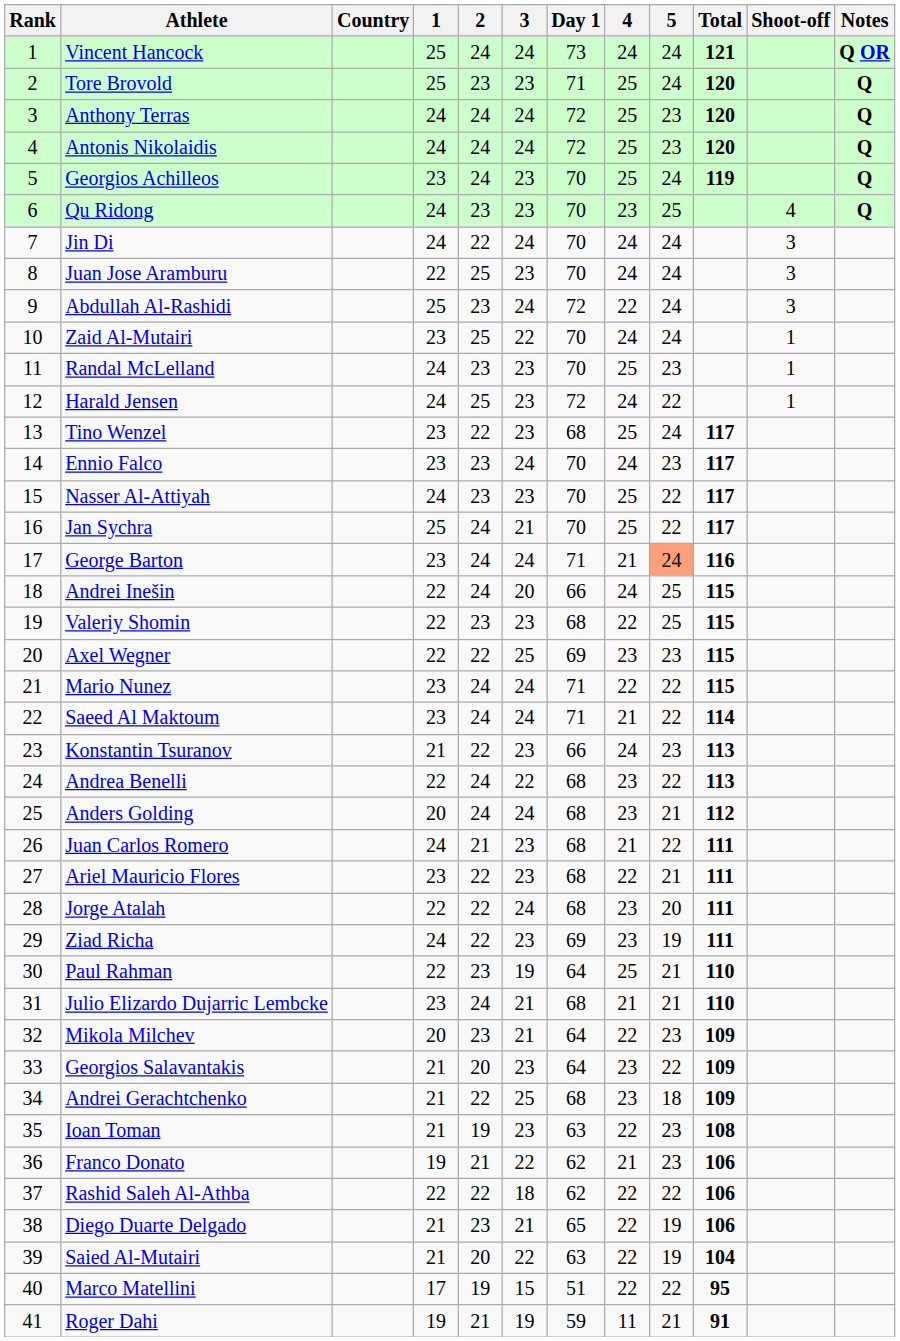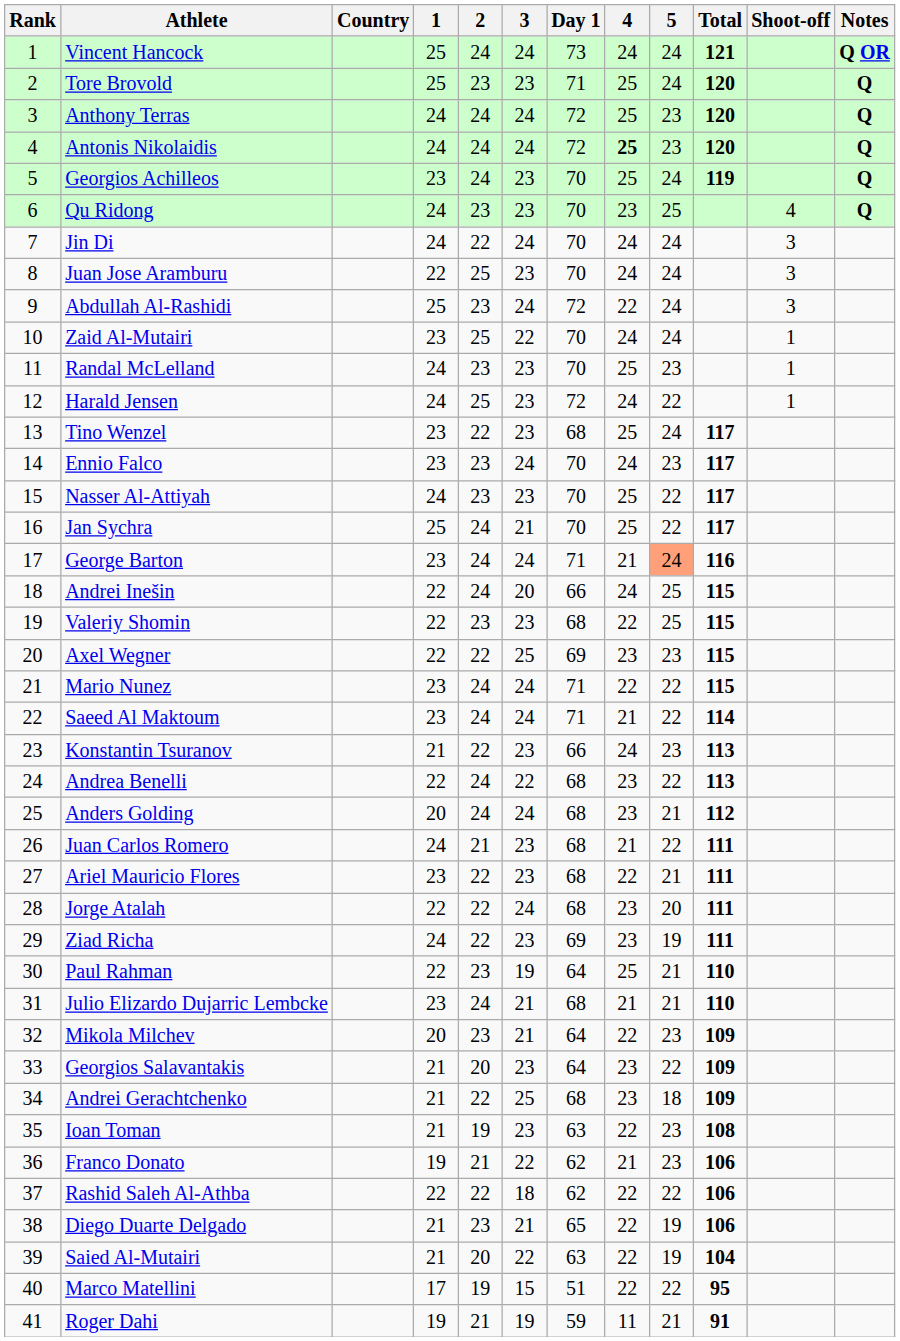 <table class="wikitable sortable" style="text-align:center">
 <tr>
 <th>Rank</th>
 <th>Athlete</th>
 <th>Country</th>
 <th class="unsortable" style="width: 28px">1</th>
 <th class="unsortable" style="width: 28px">2</th>
 <th class="unsortable" style="width: 28px">3</th>
 <th>Day 1</th>
 <th class="unsortable" style="width: 28px">4</th>
 <th class="unsortable" style="width: 28px">5</th>
 <th>Total</th>
 <th class="unsortable">Shoot-off</th>
 <th class="unsortable">Notes</th>
 </tr>
 <tr bgcolor=#ccffcc>
 <td>1</td>
 <td align="left"><a href='#'>Vincent Hancock</a></td>
 <td align="left"></td>
 <td>25</td>
 <td>24</td>
 <td>24</td>
 <td>73</td>
 <td>24</td>
 <td>24</td>
 <td><strong>121</strong></td>
 <td></td>
 <td><strong>Q</strong> <strong><a href='#'>OR</a></strong></td>
 </tr>
 <tr bgcolor=#ccffcc>
 <td>2</td>
 <td align="left"><a href='#'>Tore Brovold</a></td>
 <td align="left"></td>
 <td>25</td>
 <td>23</td>
 <td>23</td>
 <td>71</td>
 <td>25</td>
 <td>24</td>
 <td><strong>120</strong></td>
 <td></td>
 <td><strong>Q</strong></td>
 </tr>
 <tr bgcolor=#ccffcc>
 <td>3</td>
 <td align="left"><a href='#'>Anthony Terras</a></td>
 <td align="left"></td>
 <td>24</td>
 <td>24</td>
 <td>24</td>
 <td>72</td>
 <td>25</td>
 <td>23</td>
 <td><strong>120</strong></td>
 <td></td>
 <td><strong>Q</strong></td>
 </tr>
 <tr bgcolor=#ccffcc>
 <td>4</td>
 <td align="left"><a href='#'>Antonis Nikolaidis</a></td>
 <td align="left"></td>
 <td>24</td>
 <td>24</td>
 <td>24</td>
 <td>72</td>
-<td>25</td>
+<td><strong>25</strong></td>
 <td>23</td>
 <td><strong>120</strong></td>
 <td></td>
 <td><strong>Q</strong></td>
 </tr>
 <tr bgcolor=#ccffcc>
 <td>5</td>
 <td align="left"><a href='#'>Georgios Achilleos</a></td>
 <td align="left"></td>
 <td>23</td>
 <td>24</td>
 <td>23</td>
 <td>70</td>
 <td>25</td>
 <td>24</td>
 <td><strong>119</strong></td>
 <td></td>
 <td><strong>Q</strong></td>
 </tr>
 <tr bgcolor=#ccffcc>
 <td>6</td>
 <td align="left"><a href='#'>Qu Ridong</a></td>
 <td align="left"></td>
 <td>24</td>
 <td>23</td>
 <td>23</td>
 <td>70</td>
 <td>23</td>
 <td>25</td>
 <td></td>
 <td>4</td>
 <td><strong>Q</strong></td>
 </tr>
 <tr>
 <td>7</td>
 <td align="left"><a href='#'>Jin Di</a></td>
 <td align="left"></td>
 <td>24</td>
 <td>22</td>
 <td>24</td>
 <td>70</td>
 <td>24</td>
 <td>24</td>
 <td></td>
 <td>3</td>
 <td></td>
 </tr>
 <tr>
 <td>8</td>
 <td align="left"><a href='#'>Juan Jose Aramburu</a></td>
 <td align="left"></td>
 <td>22</td>
 <td>25</td>
 <td>23</td>
 <td>70</td>
 <td>24</td>
 <td>24</td>
 <td></td>
 <td>3</td>
 <td></td>
 </tr>
 <tr>
 <td>9</td>
 <td align="left"><a href='#'>Abdullah Al-Rashidi</a></td>
 <td align="left"></td>
 <td>25</td>
 <td>23</td>
 <td>24</td>
 <td>72</td>
 <td>22</td>
 <td>24</td>
 <td></td>
 <td>3</td>
 <td></td>
 </tr>
 <tr>
 <td>10</td>
 <td align="left"><a href='#'>Zaid Al-Mutairi</a></td>
 <td align="left"></td>
 <td>23</td>
 <td>25</td>
 <td>22</td>
 <td>70</td>
 <td>24</td>
 <td>24</td>
 <td></td>
 <td>1</td>
 <td></td>
 </tr>
 <tr>
 <td>11</td>
 <td align="left"><a href='#'>Randal McLelland</a></td>
 <td align="left"></td>
 <td>24</td>
 <td>23</td>
 <td>23</td>
 <td>70</td>
 <td>25</td>
 <td>23</td>
 <td></td>
 <td>1</td>
 <td></td>
 </tr>
 <tr>
 <td>12</td>
 <td align="left"><a href='#'>Harald Jensen</a></td>
 <td align="left"></td>
 <td>24</td>
 <td>25</td>
 <td>23</td>
 <td>72</td>
 <td>24</td>
 <td>22</td>
 <td></td>
 <td>1</td>
 <td></td>
 </tr>
 <tr>
 <td>13</td>
 <td align="left"><a href='#'>Tino Wenzel</a></td>
 <td align="left"></td>
 <td>23</td>
 <td>22</td>
 <td>23</td>
 <td>68</td>
 <td>25</td>
 <td>24</td>
 <td><strong>117</strong></td>
 <td></td>
 <td></td>
 </tr>
 <tr>
 <td>14</td>
 <td align="left"><a href='#'>Ennio Falco</a></td>
 <td align="left"></td>
 <td>23</td>
 <td>23</td>
 <td>24</td>
 <td>70</td>
 <td>24</td>
 <td>23</td>
 <td><strong>117</strong></td>
 <td></td>
 <td></td>
 </tr>
 <tr>
 <td>15</td>
 <td align="left"><a href='#'>Nasser Al-Attiyah</a></td>
 <td align="left"></td>
 <td>24</td>
 <td>23</td>
 <td>23</td>
 <td>70</td>
 <td>25</td>
 <td>22</td>
 <td><strong>117</strong></td>
 <td></td>
 <td></td>
 </tr>
 <tr>
 <td>16</td>
 <td align="left"><a href='#'>Jan Sychra</a></td>
 <td align="left"></td>
 <td>25</td>
 <td>24</td>
 <td>21</td>
 <td>70</td>
 <td>25</td>
 <td>22</td>
 <td><strong>117</strong></td>
 <td></td>
 <td></td>
 </tr>
 <tr>
 <td>17</td>
 <td align="left"><a href='#'>George Barton</a></td>
 <td align="left"></td>
 <td>23</td>
 <td>24</td>
 <td>24</td>
 <td>71</td>
 <td>21</td>
 <td style="background: lightsalmon;">24</td>
 <td><strong>116</strong></td>
 <td></td>
 <td></td>
 </tr>
 <tr>
 <td>18</td>
 <td align="left"><a href='#'>Andrei Inešin</a></td>
 <td align="left"></td>
 <td>22</td>
 <td>24</td>
 <td>20</td>
 <td>66</td>
 <td>24</td>
 <td>25</td>
 <td><strong>115</strong></td>
 <td></td>
 <td></td>
 </tr>
 <tr>
 <td>19</td>
 <td align="left"><a href='#'>Valeriy Shomin</a></td>
 <td align="left"></td>
 <td>22</td>
 <td>23</td>
 <td>23</td>
 <td>68</td>
 <td>22</td>
 <td>25</td>
 <td><strong>115</strong></td>
 <td></td>
 <td></td>
 </tr>
 <tr>
 <td>20</td>
 <td align="left"><a href='#'>Axel Wegner</a></td>
 <td align="left"></td>
 <td>22</td>
 <td>22</td>
 <td>25</td>
 <td>69</td>
 <td>23</td>
 <td>23</td>
 <td><strong>115</strong></td>
 <td></td>
 <td></td>
 </tr>
 <tr>
 <td>21</td>
 <td align="left"><a href='#'>Mario Nunez</a></td>
 <td align="left"></td>
 <td>23</td>
 <td>24</td>
 <td>24</td>
 <td>71</td>
 <td>22</td>
 <td>22</td>
 <td><strong>115</strong></td>
 <td></td>
 <td></td>
 </tr>
 <tr>
 <td>22</td>
 <td align="left"><a href='#'>Saeed Al Maktoum</a></td>
 <td align="left"></td>
 <td>23</td>
 <td>24</td>
 <td>24</td>
 <td>71</td>
 <td>21</td>
 <td>22</td>
 <td><strong>114</strong></td>
 <td></td>
 <td></td>
 </tr>
 <tr>
 <td>23</td>
 <td align="left"><a href='#'>Konstantin Tsuranov</a></td>
 <td align="left"></td>
 <td>21</td>
 <td>22</td>
 <td>23</td>
 <td>66</td>
 <td>24</td>
 <td>23</td>
 <td><strong>113</strong></td>
 <td></td>
 <td></td>
 </tr>
 <tr>
 <td>24</td>
 <td align="left"><a href='#'>Andrea Benelli</a></td>
 <td align="left"></td>
 <td>22</td>
 <td>24</td>
 <td>22</td>
 <td>68</td>
 <td>23</td>
 <td>22</td>
 <td><strong>113</strong></td>
 <td></td>
 <td></td>
 </tr>
 <tr>
 <td>25</td>
 <td align="left"><a href='#'>Anders Golding</a></td>
 <td align="left"></td>
 <td>20</td>
 <td>24</td>
 <td>24</td>
 <td>68</td>
 <td>23</td>
 <td>21</td>
 <td><strong>112</strong></td>
 <td></td>
 <td></td>
 </tr>
 <tr>
 <td>26</td>
 <td align="left"><a href='#'>Juan Carlos Romero</a></td>
 <td align="left"></td>
 <td>24</td>
 <td>21</td>
 <td>23</td>
 <td>68</td>
 <td>21</td>
 <td>22</td>
 <td><strong>111</strong></td>
 <td></td>
 <td></td>
 </tr>
 <tr>
 <td>27</td>
 <td align="left"><a href='#'>Ariel Mauricio Flores</a></td>
 <td align="left"></td>
 <td>23</td>
 <td>22</td>
 <td>23</td>
 <td>68</td>
 <td>22</td>
 <td>21</td>
 <td><strong>111</strong></td>
 <td></td>
 <td></td>
 </tr>
 <tr>
 <td>28</td>
 <td align="left"><a href='#'>Jorge Atalah</a></td>
 <td align="left"></td>
 <td>22</td>
 <td>22</td>
 <td>24</td>
 <td>68</td>
 <td>23</td>
 <td>20</td>
 <td><strong>111</strong></td>
 <td></td>
 <td></td>
 </tr>
 <tr>
 <td>29</td>
 <td align="left"><a href='#'>Ziad Richa</a></td>
 <td align="left"></td>
 <td>24</td>
 <td>22</td>
 <td>23</td>
 <td>69</td>
 <td>23</td>
 <td>19</td>
 <td><strong>111</strong></td>
 <td></td>
 <td></td>
 </tr>
 <tr>
 <td>30</td>
 <td align="left"><a href='#'>Paul Rahman</a></td>
 <td align="left"></td>
 <td>22</td>
 <td>23</td>
 <td>19</td>
 <td>64</td>
 <td>25</td>
 <td>21</td>
 <td><strong>110</strong></td>
 <td></td>
 <td></td>
 </tr>
 <tr>
 <td>31</td>
 <td align="left"><a href='#'>Julio Elizardo Dujarric Lembcke</a></td>
 <td align="left"></td>
 <td>23</td>
 <td>24</td>
 <td>21</td>
 <td>68</td>
 <td>21</td>
 <td>21</td>
 <td><strong>110</strong></td>
 <td></td>
 <td></td>
 </tr>
 <tr>
 <td>32</td>
 <td align="left"><a href='#'>Mikola Milchev</a></td>
 <td align="left"></td>
 <td>20</td>
 <td>23</td>
 <td>21</td>
 <td>64</td>
 <td>22</td>
 <td>23</td>
 <td><strong>109</strong></td>
 <td></td>
 <td></td>
 </tr>
 <tr>
 <td>33</td>
 <td align="left"><a href='#'>Georgios Salavantakis</a></td>
 <td align="left"></td>
 <td>21</td>
 <td>20</td>
 <td>23</td>
 <td>64</td>
 <td>23</td>
 <td>22</td>
 <td><strong>109</strong></td>
 <td></td>
 <td></td>
 </tr>
 <tr>
 <td>34</td>
 <td align="left"><a href='#'>Andrei Gerachtchenko</a></td>
 <td align="left"></td>
 <td>21</td>
 <td>22</td>
 <td>25</td>
 <td>68</td>
 <td>23</td>
 <td>18</td>
 <td><strong>109</strong></td>
 <td></td>
 <td></td>
 </tr>
 <tr>
 <td>35</td>
 <td align="left"><a href='#'>Ioan Toman</a></td>
 <td align="left"></td>
 <td>21</td>
 <td>19</td>
 <td>23</td>
 <td>63</td>
 <td>22</td>
 <td>23</td>
 <td><strong>108</strong></td>
 <td></td>
 <td></td>
 </tr>
 <tr>
 <td>36</td>
 <td align="left"><a href='#'>Franco Donato</a></td>
 <td align="left"></td>
 <td>19</td>
 <td>21</td>
 <td>22</td>
 <td>62</td>
 <td>21</td>
 <td>23</td>
 <td><strong>106</strong></td>
 <td></td>
 <td></td>
 </tr>
 <tr>
 <td>37</td>
 <td align="left"><a href='#'>Rashid Saleh Al-Athba</a></td>
 <td align="left"></td>
 <td>22</td>
 <td>22</td>
 <td>18</td>
 <td>62</td>
 <td>22</td>
 <td>22</td>
 <td><strong>106</strong></td>
 <td></td>
 <td></td>
 </tr>
 <tr>
 <td>38</td>
 <td align="left"><a href='#'>Diego Duarte Delgado</a></td>
 <td align="left"></td>
 <td>21</td>
 <td>23</td>
 <td>21</td>
 <td>65</td>
 <td>22</td>
 <td>19</td>
 <td><strong>106</strong></td>
 <td></td>
 <td></td>
 </tr>
 <tr>
 <td>39</td>
 <td align="left"><a href='#'>Saied Al-Mutairi</a></td>
 <td align="left"></td>
 <td>21</td>
 <td>20</td>
 <td>22</td>
 <td>63</td>
 <td>22</td>
 <td>19</td>
 <td><strong>104</strong></td>
 <td></td>
 <td></td>
 </tr>
 <tr>
 <td>40</td>
 <td align="left"><a href='#'>Marco Matellini</a></td>
 <td align="left"></td>
 <td>17</td>
 <td>19</td>
 <td>15</td>
 <td>51</td>
 <td>22</td>
 <td>22</td>
 <td><strong>95</strong></td>
 <td></td>
 <td></td>
 </tr>
 <tr>
 <td>41</td>
 <td align="left"><a href='#'>Roger Dahi</a></td>
 <td align="left"></td>
 <td>19</td>
 <td>21</td>
 <td>19</td>
 <td>59</td>
 <td>11</td>
 <td>21</td>
 <td><strong>91</strong></td>
 <td></td>
 <td></td>
 </tr>
 </table>
